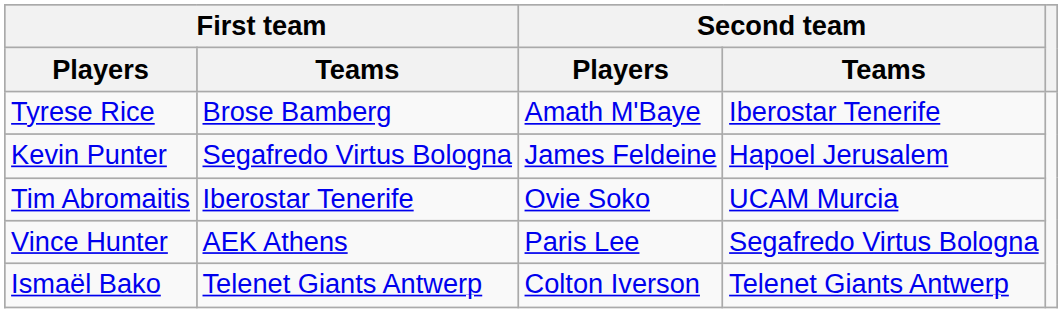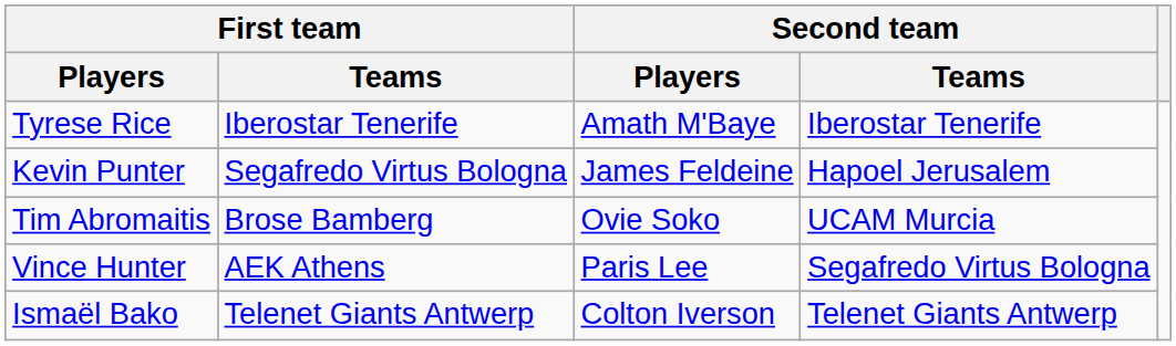 <table class="wikitable">
 <tr>
 <th colspan=2>First team</th>
 <th colspan=2>Second team</th>
 <th rowspan=2></th>
 </tr>
 <tr>
 <th>Players</th>
 <th>Teams</th>
 <th>Players</th>
 <th>Teams</th>
 </tr>
 <tr>
 <td> <a href='#'>Tyrese Rice</a></td>
-<td> <a href='#'>Brose Bamberg</a></td>
+<td> <a href='#'>Iberostar Tenerife</a></td>
 <td> <a href='#'>Amath M'Baye</a></td>
 <td> <a href='#'>Iberostar Tenerife</a></td>
 <td rowspan=5 align=center></td>
 </tr>
 <tr>
 <td> <a href='#'>Kevin Punter</a></td>
 <td> <a href='#'>Segafredo Virtus Bologna</a></td>
 <td> <a href='#'>James Feldeine</a></td>
 <td> <a href='#'>Hapoel Jerusalem</a></td>
 </tr>
 <tr>
 <td> <a href='#'>Tim Abromaitis</a></td>
-<td> <a href='#'>Iberostar Tenerife</a></td>
+<td> <a href='#'>Brose Bamberg</a></td>
 <td> <a href='#'>Ovie Soko</a></td>
 <td> <a href='#'>UCAM Murcia</a></td>
 </tr>
 <tr>
 <td> <a href='#'>Vince Hunter</a></td>
 <td> <a href='#'>AEK Athens</a></td>
 <td> <a href='#'>Paris Lee</a></td>
 <td> <a href='#'>Segafredo Virtus Bologna</a></td>
 </tr>
 <tr>
 <td> <a href='#'>Ismaël Bako</a></td>
 <td> <a href='#'>Telenet Giants Antwerp</a></td>
 <td> <a href='#'>Colton Iverson</a></td>
 <td> <a href='#'>Telenet Giants Antwerp</a></td>
 </tr>
 </table>
